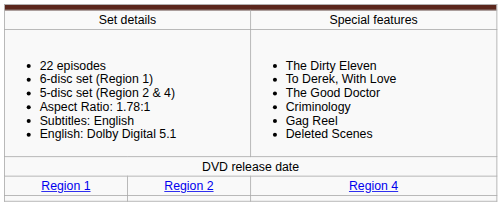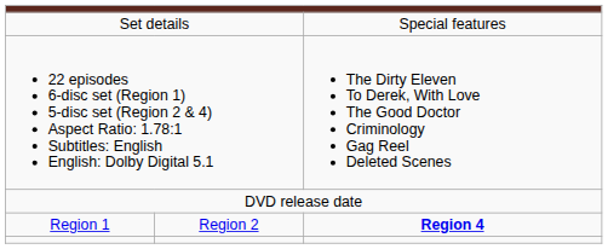 <table class="wikitable" style="font-size: 95%;">
 <tr style="background:#5c271d">
 <td colspan="4" style="text-align:center;"></td>
 </tr>
 <tr style="text-align:center;">
 <td style="width:300px;" colspan="2">Set details</td>
 <td style="width:300px;" colspan="2">Special features</td>
 </tr>
 <tr valign="top">
 <td colspan="2"  style="text-align:left; width:300px;"><br><ul><li>22 episodes</li><li>6-disc set (Region 1)</li><li>5-disc set (Region 2 & 4)</li><li>Aspect Ratio: 1.78:1</li><li>Subtitles: English</li><li>English: Dolby Digital 5.1</li></ul></td>
 <td colspan="3" style="text-align:left; width:300px;"><br><ul><li>The Dirty Eleven</li><li>To Derek, With Love</li><li>The Good Doctor</li><li>Criminology</li><li>Gag Reel</li><li>Deleted Scenes</li></ul></td>
 </tr>
 <tr>
 <td colspan="3" style="text-align:center;">DVD release date</td>
 </tr>
 <tr style="text-align:center;">
 <td><a href='#'>Region 1</a></td>
 <td><a href='#'>Region 2</a></td>
-<td><a href='#'>Region 4</a></td>
+<td><strong><a href='#'>Region 4</a></strong></td>
 </tr>
 <tr style="text-align:center;">
 <td></td>
 <td></td>
 <td></td>
 </tr>
 </table>
